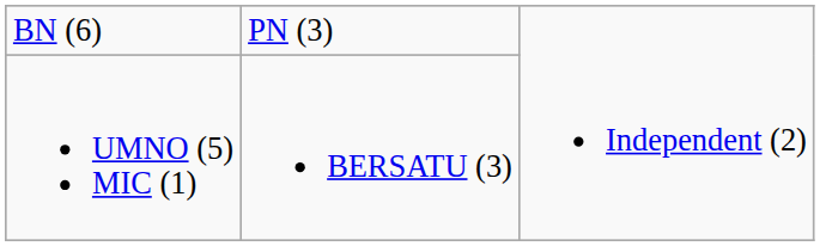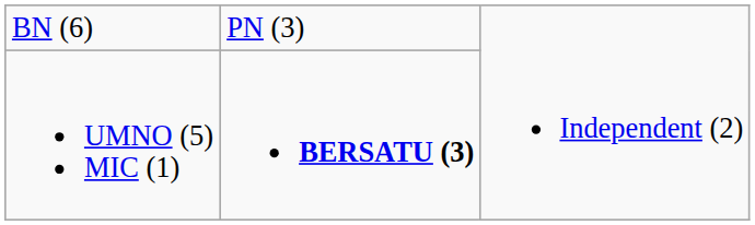 <table class="wikitable">
 <tr>
 <td> <a href='#'>BN</a> (6)</td>
 <td> <a href='#'>PN</a> (3)</td>
 <td rowspan="2"><br><ul><li> <a href='#'>Independent</a> (2)</li></ul></td>
 </tr>
 <tr>
 <td><br><ul><li> <a href='#'>UMNO</a> (5)</li><li> <a href='#'>MIC</a> (1)</li></ul></td>
-<td><br><ul><li> <a href='#'>BERSATU</a> (3)</li></ul></td>
+<td><strong><br><ul><li> <a href='#'>BERSATU</a> (3)</li></ul></strong></td>
 </tr>
 </table>
